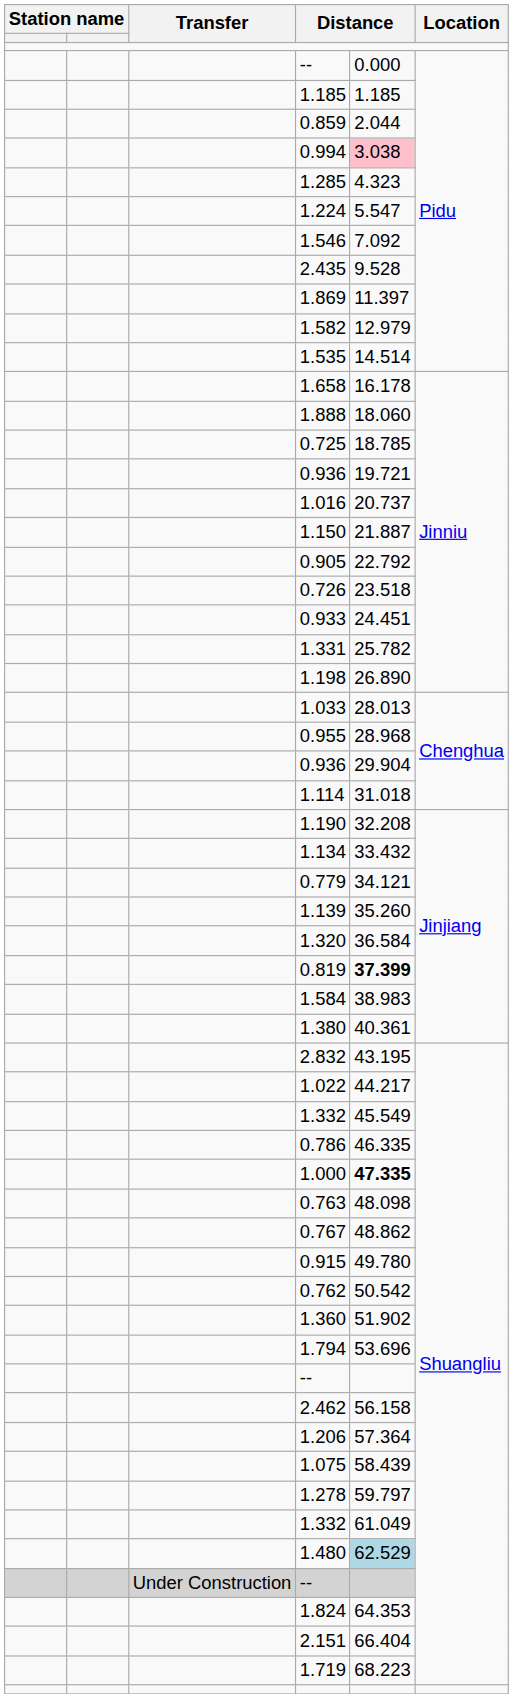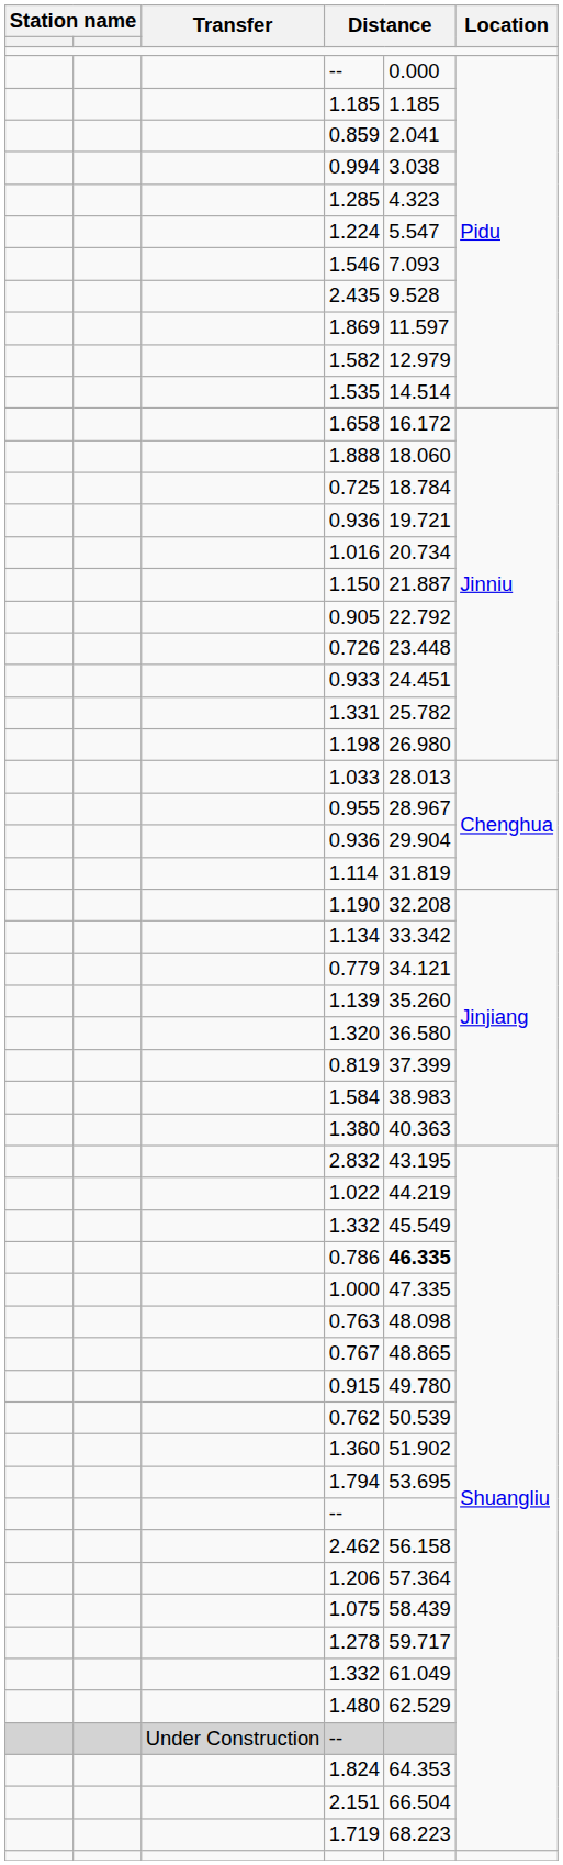 <table class="wikitable">
 <tr>
 <th colspan=2>Station name</th>
 <th rowspan=2>Transfer</th>
 <th colspan="2" rowspan="2">Distance<br></th>
 <th rowspan=2>Location</th>
 </tr>
 <tr>
 <th></th>
 <th></th>
 </tr>
 <tr style="background:#">
 <td colspan = "8"></td>
 </tr>
 <tr>
 <td></td>
 <td></td>
 <td></td>
 <td>--</td>
 <td>0.000</td>
 <td rowspan="11"><a href='#'>Pidu</a></td>
 </tr>
 <tr>
 <td></td>
 <td></td>
 <td></td>
 <td>1.185</td>
 <td>1.185</td>
 </tr>
 <tr>
 <td></td>
 <td></td>
 <td></td>
 <td>0.859</td>
-<td>2.044</td>
+<td>2.041</td>
 </tr>
 <tr>
 <td></td>
 <td></td>
 <td></td>
 <td>0.994</td>
-<td style="background: pink;">3.038</td>
+<td>3.038</td>
 </tr>
 <tr>
 <td></td>
 <td></td>
 <td></td>
 <td>1.285</td>
 <td>4.323</td>
 </tr>
 <tr>
 <td></td>
 <td></td>
 <td></td>
 <td>1.224</td>
 <td>5.547</td>
 </tr>
 <tr>
 <td></td>
 <td></td>
 <td></td>
 <td>1.546</td>
-<td>7.092</td>
+<td>7.093</td>
 </tr>
 <tr>
 <td></td>
 <td></td>
 <td></td>
 <td>2.435</td>
 <td>9.528</td>
 </tr>
 <tr>
 <td></td>
 <td></td>
 <td></td>
 <td>1.869</td>
-<td>11.397</td>
+<td>11.597</td>
 </tr>
 <tr>
 <td></td>
 <td></td>
 <td></td>
 <td>1.582</td>
 <td>12.979</td>
 </tr>
 <tr>
 <td></td>
 <td></td>
 <td></td>
 <td>1.535</td>
 <td>14.514</td>
 </tr>
 <tr>
 <td></td>
 <td></td>
 <td></td>
 <td>1.658</td>
-<td>16.178</td>
+<td>16.172</td>
 <td rowspan="11"><a href='#'>Jinniu</a></td>
 </tr>
 <tr>
 <td></td>
 <td></td>
 <td></td>
 <td>1.888</td>
 <td>18.060</td>
 </tr>
 <tr>
 <td></td>
 <td></td>
 <td></td>
 <td>0.725</td>
-<td>18.785</td>
+<td>18.784</td>
 </tr>
 <tr>
 <td></td>
 <td></td>
 <td></td>
 <td>0.936</td>
 <td>19.721</td>
 </tr>
 <tr>
 <td></td>
 <td></td>
 <td></td>
 <td>1.016</td>
-<td>20.737</td>
+<td>20.734</td>
 </tr>
 <tr>
 <td></td>
 <td></td>
 <td></td>
 <td>1.150</td>
 <td>21.887</td>
 </tr>
 <tr>
 <td></td>
 <td></td>
 <td></td>
 <td>0.905</td>
 <td>22.792</td>
 </tr>
 <tr>
 <td></td>
 <td></td>
 <td></td>
 <td>0.726</td>
-<td>23.518</td>
+<td>23.448</td>
 </tr>
 <tr>
 <td></td>
 <td></td>
 <td></td>
 <td>0.933</td>
 <td>24.451</td>
 </tr>
 <tr>
 <td></td>
 <td></td>
 <td></td>
 <td>1.331</td>
 <td>25.782</td>
 </tr>
 <tr>
 <td></td>
 <td></td>
 <td></td>
 <td>1.198</td>
-<td>26.890</td>
+<td>26.980</td>
 </tr>
 <tr>
 <td></td>
 <td></td>
 <td></td>
 <td>1.033</td>
 <td>28.013</td>
 <td rowspan="4"><a href='#'>Chenghua</a></td>
 </tr>
 <tr>
 <td></td>
 <td></td>
 <td></td>
 <td>0.955</td>
-<td>28.968</td>
+<td>28.967</td>
 </tr>
 <tr>
 <td></td>
 <td></td>
 <td></td>
 <td>0.936</td>
 <td>29.904</td>
 </tr>
 <tr>
 <td></td>
 <td></td>
 <td></td>
 <td>1.114</td>
-<td>31.018</td>
+<td>31.819</td>
 </tr>
 <tr>
 <td></td>
 <td></td>
 <td></td>
 <td>1.190</td>
 <td>32.208</td>
 <td rowspan="8"><a href='#'>Jinjiang</a></td>
 </tr>
 <tr>
 <td></td>
 <td></td>
 <td></td>
 <td>1.134</td>
-<td>33.432</td>
+<td>33.342</td>
 </tr>
 <tr>
 <td></td>
 <td></td>
 <td></td>
 <td>0.779</td>
 <td>34.121</td>
 </tr>
 <tr>
 <td></td>
 <td></td>
 <td></td>
 <td>1.139</td>
 <td>35.260</td>
 </tr>
 <tr>
 <td></td>
 <td></td>
 <td></td>
 <td>1.320</td>
-<td>36.584</td>
+<td>36.580</td>
 </tr>
 <tr>
 <td></td>
 <td></td>
 <td></td>
 <td>0.819</td>
-<td><strong>37.399</strong></td>
+<td>37.399</td>
 </tr>
 <tr>
 <td></td>
 <td></td>
 <td></td>
 <td>1.584</td>
 <td>38.983</td>
 </tr>
 <tr>
 <td></td>
 <td></td>
 <td></td>
 <td>1.380</td>
-<td>40.361</td>
+<td>40.363</td>
 </tr>
 <tr>
 <td></td>
 <td></td>
 <td></td>
 <td>2.832</td>
 <td>43.195</td>
 <td rowspan="22"><a href='#'>Shuangliu</a></td>
 </tr>
 <tr>
 <td></td>
 <td></td>
 <td></td>
 <td>1.022</td>
-<td>44.217</td>
+<td>44.219</td>
 </tr>
 <tr>
 <td></td>
 <td></td>
 <td></td>
 <td>1.332</td>
 <td>45.549</td>
 </tr>
 <tr>
 <td></td>
 <td></td>
 <td></td>
 <td>0.786</td>
-<td>46.335</td>
+<td><strong>46.335</strong></td>
 </tr>
 <tr>
 <td></td>
 <td></td>
 <td></td>
 <td>1.000</td>
-<td><strong>47.335</strong></td>
+<td>47.335</td>
 </tr>
 <tr>
 <td></td>
 <td></td>
 <td></td>
 <td>0.763</td>
 <td>48.098</td>
 </tr>
 <tr>
 <td></td>
 <td></td>
 <td></td>
 <td>0.767</td>
-<td>48.862</td>
+<td>48.865</td>
 </tr>
 <tr>
 <td></td>
 <td></td>
 <td></td>
 <td>0.915</td>
 <td>49.780</td>
 </tr>
 <tr>
 <td></td>
 <td></td>
 <td></td>
 <td>0.762</td>
-<td>50.542</td>
+<td>50.539</td>
 </tr>
 <tr>
 <td></td>
 <td></td>
 <td></td>
 <td>1.360</td>
 <td>51.902</td>
 </tr>
 <tr>
 <td></td>
 <td></td>
 <td></td>
 <td>1.794</td>
-<td>53.696</td>
+<td>53.695</td>
 </tr>
 <tr>
 <td></td>
 <td></td>
 <td></td>
 <td>--</td>
 <td></td>
 </tr>
 <tr>
 <td></td>
 <td></td>
 <td></td>
 <td>2.462</td>
 <td>56.158</td>
 </tr>
 <tr>
 <td></td>
 <td></td>
 <td></td>
 <td>1.206</td>
 <td>57.364</td>
 </tr>
 <tr>
 <td></td>
 <td></td>
 <td></td>
 <td>1.075</td>
 <td>58.439</td>
 </tr>
 <tr>
 <td></td>
 <td></td>
 <td> </td>
 <td>1.278</td>
-<td>59.797</td>
+<td>59.717</td>
 </tr>
 <tr>
 <td></td>
 <td></td>
 <td></td>
 <td>1.332</td>
 <td>61.049</td>
 </tr>
 <tr>
 <td></td>
 <td></td>
 <td></td>
 <td>1.480</td>
-<td style="background: lightblue;">62.529</td>
+<td>62.529</td>
 </tr>
 <tr bgcolor="lightgrey">
 <td></td>
 <td></td>
 <td>Under Construction</td>
 <td>--</td>
 <td></td>
 </tr>
 <tr>
 <td></td>
 <td></td>
 <td></td>
 <td>1.824</td>
 <td>64.353</td>
 </tr>
 <tr>
 <td></td>
 <td></td>
 <td></td>
 <td>2.151</td>
-<td>66.404</td>
+<td>66.504</td>
 </tr>
 <tr>
 <td></td>
 <td></td>
 <td></td>
 <td>1.719</td>
 <td>68.223</td>
 </tr>
 <tr style="background:#">
 <td></td>
 <td></td>
 <td></td>
 <td></td>
 <td></td>
 <td></td>
 </tr>
 </table>
